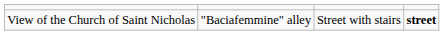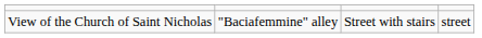 <table class="wikitable">
 <tr style="text-align: center;">
 <td></td>
 <td></td>
 <td></td>
 <td></td>
 </tr>
 <tr style="text-align: center;">
 <td>View of the Church of Saint Nicholas</td>
 <td>"Baciafemmine" alley</td>
 <td>Street with stairs</td>
-<td><strong>street</strong></td>
+<td>street</td>
 </tr>
 </table>
